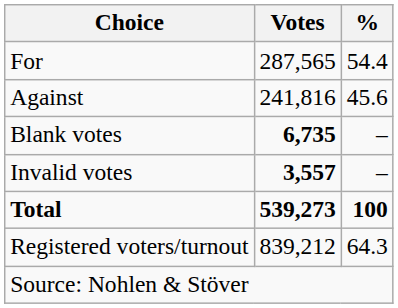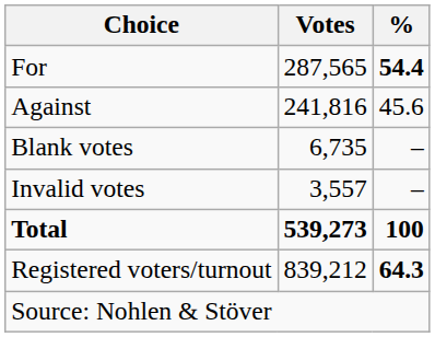 <table class=wikitable style=text-align:right>
 <tr>
 <th>Choice</th>
 <th>Votes</th>
 <th>%</th>
 </tr>
 <tr>
 <td align=left>For</td>
 <td>287,565</td>
-<td>54.4</td>
+<td><strong>54.4</strong></td>
 </tr>
 <tr>
 <td align=left>Against</td>
 <td>241,816</td>
 <td>45.6</td>
 </tr>
 <tr>
 <td align=left>Blank votes</td>
-<td><strong>6,735</strong></td>
+<td>6,735</td>
 <td>–</td>
 </tr>
 <tr>
 <td align=left>Invalid votes</td>
-<td><strong>3,557</strong></td>
+<td>3,557</td>
 <td>–</td>
 </tr>
 <tr>
 <td align=left><strong>Total</strong></td>
 <td><strong>539,273</strong></td>
 <td><strong>100</strong></td>
 </tr>
 <tr>
 <td align=left>Registered voters/turnout</td>
 <td>839,212</td>
-<td>64.3</td>
+<td><strong>64.3</strong></td>
 </tr>
 <tr>
 <td align=left colspan=3>Source: Nohlen & Stöver</td>
 </tr>
 </table>
